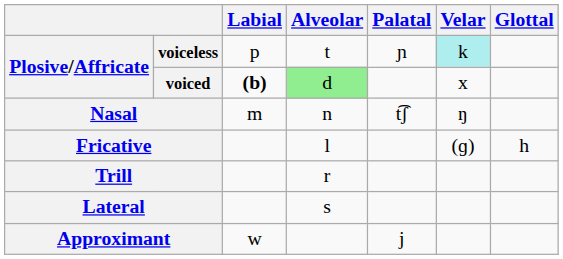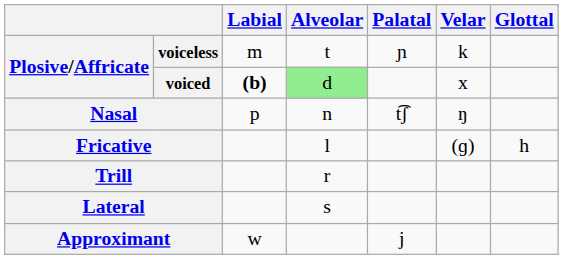 <table class="wikitable" style="text-align:center">
 <tr>
 <th colspan="2"></th>
 <th><a href='#'>Labial</a></th>
 <th><a href='#'>Alveolar</a></th>
 <th><a href='#'>Palatal</a></th>
 <th><a href='#'>Velar</a></th>
 <th><a href='#'>Glottal</a></th>
 </tr>
 <tr>
 <th rowspan="2"><a href='#'>Plosive</a>/<a href='#'>Affricate</a></th>
 <th><small>voiceless</small></th>
-<td>p</td>
+<td>m</td>
 <td>t</td>
 <td>ɲ</td>
-<td style="background: paleturquoise;">k</td>
+<td>k</td>
 <td></td>
 </tr>
 <tr>
 <th><small>voiced</small></th>
 <td><strong>(b)</strong></td>
 <td style="background: lightgreen;">d</td>
 <td></td>
 <td>x</td>
 <td></td>
 </tr>
 <tr>
 <th colspan="2"><a href='#'>Nasal</a></th>
-<td>m</td>
+<td>p</td>
 <td>n</td>
 <td>t͡ʃ</td>
 <td>ŋ</td>
 <td></td>
 </tr>
 <tr>
 <th colspan="2"><a href='#'>Fricative</a></th>
 <td></td>
 <td>l</td>
 <td></td>
 <td>(ɡ)</td>
 <td>h</td>
 </tr>
 <tr>
 <th colspan="2"><a href='#'>Trill</a></th>
 <td></td>
 <td>r</td>
 <td></td>
 <td></td>
 <td></td>
 </tr>
 <tr>
 <th colspan="2"><a href='#'>Lateral</a></th>
 <td></td>
 <td>s</td>
 <td></td>
 <td></td>
 <td></td>
 </tr>
 <tr>
 <th colspan="2"><a href='#'>Approximant</a></th>
 <td>w</td>
 <td></td>
 <td>j</td>
 <td></td>
 <td></td>
 </tr>
 </table>
